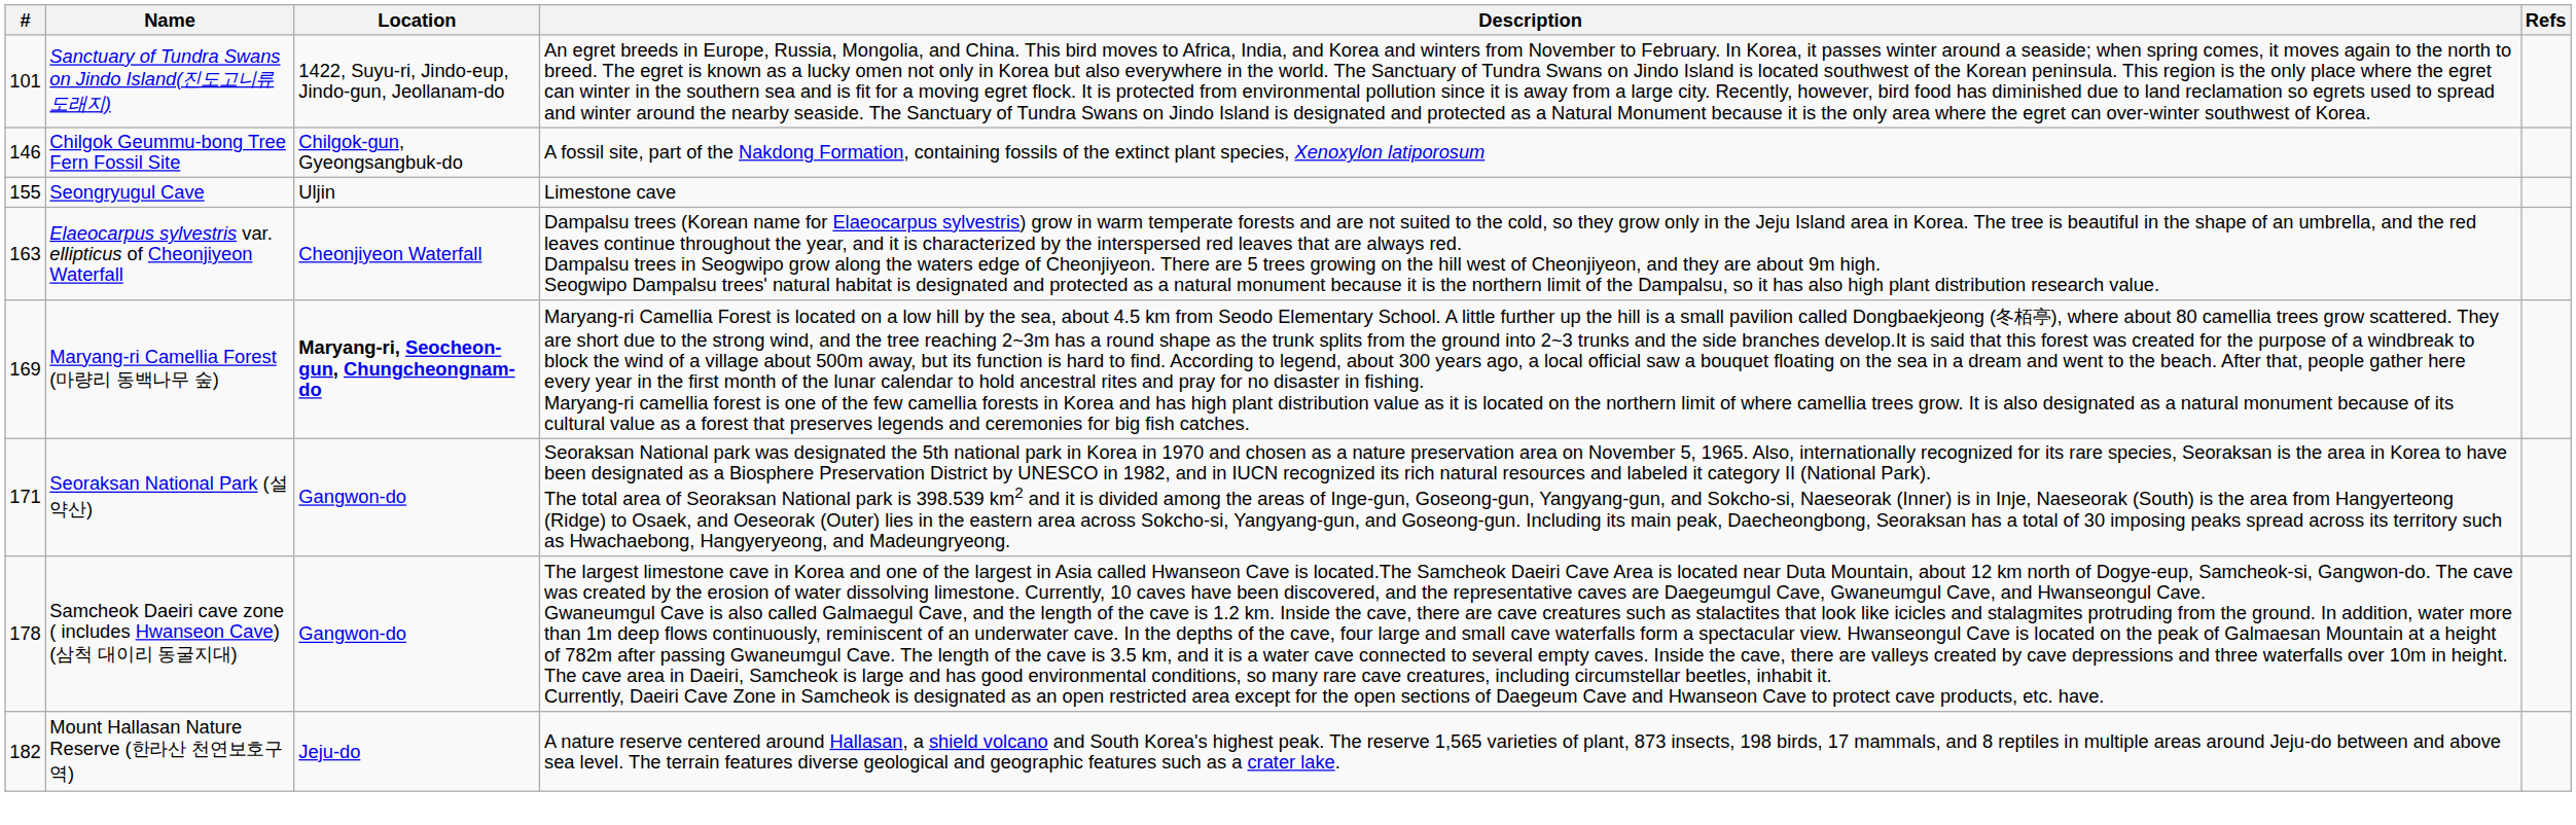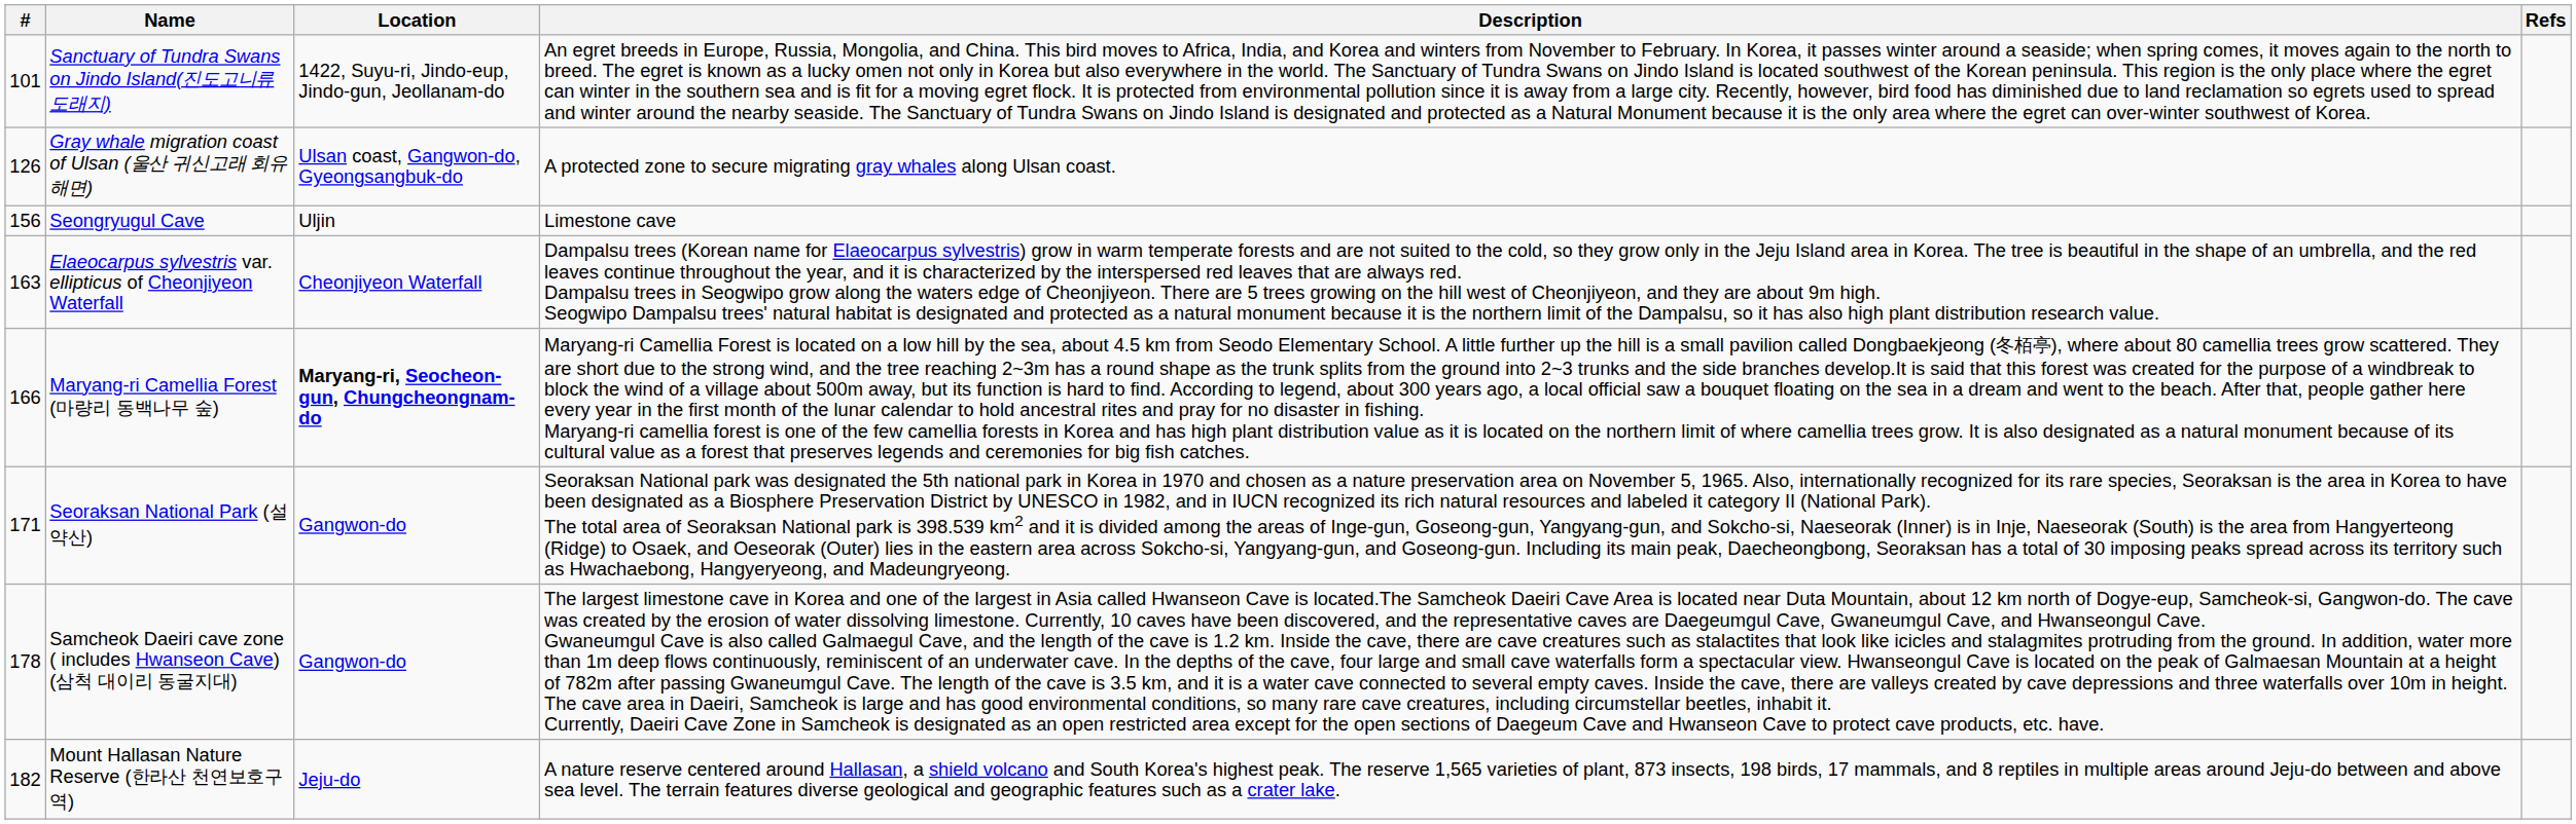 <table class="wikitable sortable" style="margin-left: 5px; font-size: 90%;">
 <tr>
 <th align="center">#</th>
 <th align="center">Name</th>
 <th align="center">Location</th>
 <th align="center">Description</th>
 <th align="center">Refs</th>
 </tr>
 <tr>
 <td>101</td>
 <td><a href='#'><em>Sanctuary of Tundra Swans on Jindo Island(진도고니류도래지)</em></a></td>
 <td>1422, Suyu-ri, Jindo-eup, Jindo-gun, Jeollanam-do</td>
 <td>An egret breeds in Europe, Russia, Mongolia, and China. This bird moves to Africa, India, and Korea and winters from November to February. In Korea, it passes winter around a seaside; when spring comes, it moves again to the north to breed. The egret is known as a lucky omen not only in Korea but also everywhere in the world. The Sanctuary of Tundra Swans on Jindo Island is located southwest of the Korean peninsula. This region is the only place where the egret can winter in the southern sea and is fit for a moving egret flock. It is protected from environmental pollution since it is away from a large city. Recently, however, bird food has diminished due to land reclamation so egrets used to spread and winter around the nearby seaside. The Sanctuary of Tundra Swans on Jindo Island is designated and protected as a Natural Monument because it is the only area where the egret can over-winter southwest of Korea.</td>
 <td></td>
 </tr>
 <tr>
-<td>146</td>
-<td><a href='#'>Chilgok Geummu-bong Tree Fern Fossil Site</a></td>
-<td><a href='#'>Chilgok-gun</a>, Gyeongsangbuk-do</td>
-<td>A fossil site, part of the <a href='#'>Nakdong Formation</a>, containing fossils of the extinct plant species, <em><a href='#'>Xenoxylon latiporosum</a></em></td>
+<td>126</td>
+<td><em><a href='#'>Gray whale</a> migration coast of Ulsan (울산 귀신고래 회유해면)</em></td>
+<td><a href='#'>Ulsan</a> coast, <a href='#'>Gangwon-do</a>, <a href='#'>Gyeongsangbuk-do</a></td>
+<td>A protected zone to secure migrating <a href='#'>gray whales</a> along Ulsan coast.</td>
 <td></td>
 </tr>
 <tr>
-<td>155</td>
+<td>156</td>
 <td><a href='#'>Seongryugul Cave</a></td>
 <td>Uljin</td>
 <td>Limestone cave</td>
 <td></td>
 </tr>
 <tr>
 <td>163</td>
 <td><em><a href='#'>Elaeocarpus sylvestris</a></em> var. <em>ellipticus</em> of <a href='#'>Cheonjiyeon Waterfall</a></td>
 <td><a href='#'>Cheonjiyeon Waterfall</a></td>
 <td>Dampalsu trees (Korean name for <a href='#'>Elaeocarpus sylvestris</a>) grow in warm temperate forests and are not suited to the cold, so they grow only in the Jeju Island area in Korea. The tree is beautiful in the shape of an umbrella, and the red leaves continue throughout the year, and it is characterized by the interspersed red leaves that are always red.<br>Dampalsu trees in Seogwipo grow along the waters edge of Cheonjiyeon. There are 5 trees growing on the hill west of Cheonjiyeon, and they are about 9m high.<br>Seogwipo Dampalsu trees' natural habitat is designated and protected as a natural monument because it is the northern limit  of the  Dampalsu, so it has also high plant distribution research value.</td>
 <td></td>
 </tr>
 <tr>
-<td>169</td>
+<td>166</td>
 <td><a href='#'>Maryang-ri Camellia Forest</a> (마량리 동백나무 숲)</td>
 <td><strong>Maryang-ri, <a href='#'>Seocheon-gun</a>, <a href='#'>Chungcheongnam-do</a></strong></td>
 <td>Maryang-ri Camellia Forest is located on a low hill by the sea, about 4.5 km from Seodo Elementary School. A little further up the hill is a small pavilion called Dongbaekjeong (冬栢亭), where about 80 camellia trees grow scattered. They are short due to the strong wind, and the tree reaching 2~3m has a round shape as the trunk splits from the ground into 2~3 trunks and the side branches develop.It is said that this forest was created for the purpose of a windbreak to block the wind of a village about 500m away, but its function is hard to find. According to legend, about 300 years ago, a local official saw a bouquet floating on the sea in a dream and went to the beach. After that, people gather here every year in the first month of the lunar calendar to hold ancestral rites and pray for no disaster in fishing.<br>Maryang-ri camellia forest is one of the few camellia forests in Korea and has high plant distribution value as it is located on the northern limit of where camellia trees grow. It is also designated as a natural monument because of its cultural value as a forest that preserves legends and ceremonies for big fish catches.</td>
 <td></td>
 </tr>
 <tr>
 <td>171</td>
 <td><a href='#'>Seoraksan National Park</a> (설약산)</td>
 <td><a href='#'>Gangwon-do</a></td>
 <td>Seoraksan National park was designated the 5th national park in Korea in 1970 and chosen as a nature preservation area on November 5, 1965. Also, internationally recognized for its rare species, Seoraksan is the area in Korea to have been designated as a Biosphere Preservation District by UNESCO in 1982, and in IUCN recognized its rich natural resources and labeled it category II (National Park).<br>The total area of Seoraksan National park is 398.539 km<sup>2</sup> and it is divided among the areas of Inge-gun, Goseong-gun, Yangyang-gun, and Sokcho-si, Naeseorak (Inner) is in Inje, Naeseorak (South) is the area from Hangyerteong (Ridge) to Osaek, and Oeseorak (Outer) lies in the eastern area across Sokcho-si, Yangyang-gun, and Goseong-gun. Including its main peak, Daecheongbong, Seoraksan has a total of 30 imposing peaks spread across its territory such as Hwachaebong, Hangyeryeong, and Madeungryeong.</td>
 </tr>
 <tr>
 <td>178</td>
 <td>Samcheok Daeiri cave zone ( includes <a href='#'>Hwanseon Cave</a>) (삼척 대이리 동굴지대)</td>
 <td><a href='#'>Gangwon-do</a></td>
 <td>The largest limestone cave in Korea and one of the largest in Asia called Hwanseon Cave is located.The Samcheok Daeiri Cave Area is located near Duta Mountain, about 12 km north of Dogye-eup, Samcheok-si, Gangwon-do. The cave was created by the erosion of water dissolving limestone. Currently, 10 caves have been discovered, and the representative caves are Daegeumgul Cave, Gwaneumgul Cave, and Hwanseongul Cave.<br>Gwaneumgul Cave is also called Galmaegul Cave, and the length of the cave is 1.2 km. Inside the cave, there are cave creatures such as stalactites that look like icicles and stalagmites protruding from the ground. In addition, water more than 1m deep flows continuously, reminiscent of an underwater cave. In the depths of the cave, four large and small cave waterfalls form a spectacular view. Hwanseongul Cave is located on the peak of Galmaesan Mountain at a height of 782m after passing Gwaneumgul Cave. The length of the cave is 3.5 km, and it is a water cave connected to several empty caves. Inside the cave, there are valleys created by cave depressions and three waterfalls over 10m in height.<br>The cave area in Daeiri, Samcheok is large and has good environmental conditions, so many rare cave creatures, including circumstellar beetles, inhabit it.<br>Currently, Daeiri Cave Zone in Samcheok is designated as an open restricted area except for the open sections of Daegeum Cave and Hwanseon Cave to protect cave products, etc. have.</td>
 <td></td>
 </tr>
 <tr>
 <td>182</td>
 <td>Mount Hallasan Nature Reserve (한라산 천연보호구역)</td>
 <td><a href='#'>Jeju-do</a></td>
 <td>A  nature reserve centered around <a href='#'>Hallasan</a>, a <a href='#'>shield volcano</a> and South Korea's highest peak. The reserve 1,565 varieties of plant, 873 insects, 198 birds, 17 mammals, and 8 reptiles in multiple areas around Jeju-do between  and  above sea level. The terrain features diverse geological and geographic features such as a <a href='#'>crater lake</a>.</td>
 <td></td>
 </tr>
 </table>
